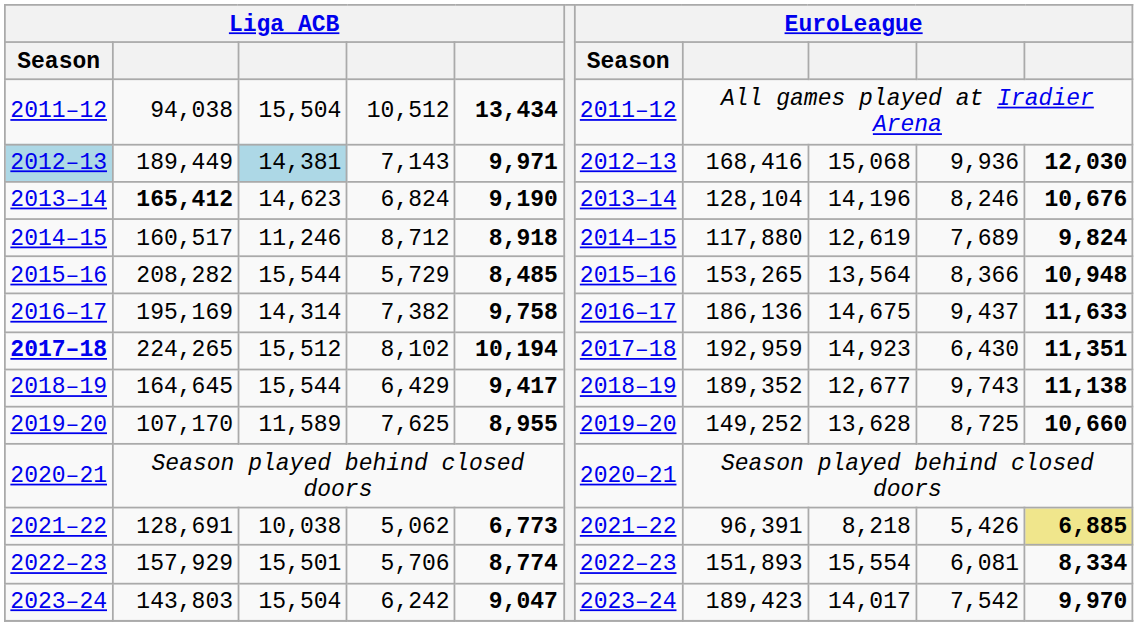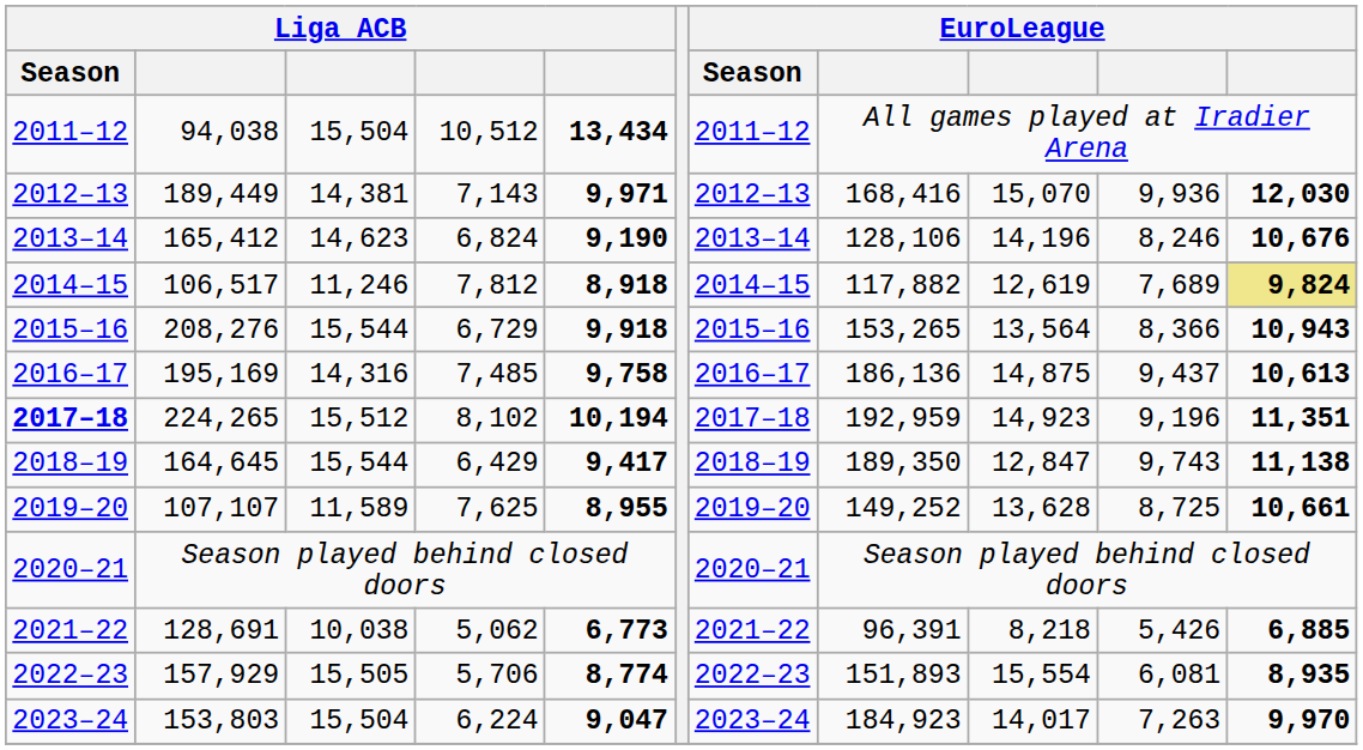 <table class="wikitable" style="text-align:right">
 <tr>
 <th colspan=5><a href='#'>Liga ACB</a></th>
 <th rowspan=15></th>
 <th colspan=5><a href='#'>EuroLeague</a></th>
 </tr>
 <tr>
 <th>Season</th>
 <th width=65></th>
 <th width=55></th>
 <th width=55></th>
 <th width=55></th>
 <th>Season</th>
 <th width=65></th>
 <th width=55></th>
 <th width=55></th>
 <th width=55></th>
 </tr>
 <tr>
 <td align=left><a href='#'>2011–12</a></td>
 <td>94,038</td>
 <td>15,504</td>
 <td>10,512</td>
 <td><strong>13,434</strong></td>
 <td align=left><a href='#'>2011–12</a></td>
 <td colspan=4 align=center><em>All games played at <a href='#'>Iradier Arena</a></em></td>
 </tr>
 <tr>
-<td align=left style="background: lightblue;"><a href='#'>2012–13</a></td>
+<td align=left><a href='#'>2012–13</a></td>
 <td>189,449</td>
-<td style="background: lightblue;">14,381</td>
+<td>14,381</td>
 <td>7,143</td>
 <td><strong>9,971</strong></td>
 <td align=left><a href='#'>2012–13</a></td>
 <td>168,416</td>
-<td>15,068</td>
+<td>15,070</td>
 <td>9,936</td>
 <td><strong>12,030</strong></td>
 </tr>
 <tr>
 <td align=left><a href='#'>2013–14</a></td>
-<td><strong>165,412</strong></td>
+<td>165,412</td>
 <td>14,623</td>
 <td>6,824</td>
 <td><strong>9,190</strong></td>
 <td align=left><a href='#'>2013–14</a></td>
-<td>128,104</td>
+<td>128,106</td>
 <td>14,196</td>
 <td>8,246</td>
 <td><strong>10,676</strong></td>
 </tr>
 <tr>
 <td align=left><a href='#'>2014–15</a></td>
-<td>160,517</td>
+<td>106,517</td>
 <td>11,246</td>
-<td>8,712</td>
+<td>7,812</td>
 <td><strong>8,918</strong></td>
 <td align=left><a href='#'>2014–15</a></td>
-<td>117,880</td>
+<td>117,882</td>
 <td>12,619</td>
 <td>7,689</td>
-<td><strong>9,824</strong></td>
+<td style="background: khaki;"><strong>9,824</strong></td>
 </tr>
 <tr>
 <td align=left><a href='#'>2015–16</a></td>
-<td>208,282</td>
+<td>208,276</td>
 <td>15,544</td>
-<td>5,729</td>
-<td><strong>8,485</strong></td>
+<td>6,729</td>
+<td><strong>9,918</strong></td>
 <td align=left><a href='#'>2015–16</a></td>
 <td>153,265</td>
 <td>13,564</td>
 <td>8,366</td>
-<td><strong>10,948</strong></td>
+<td><strong>10,943</strong></td>
 </tr>
 <tr>
 <td align=left><a href='#'>2016–17</a></td>
 <td>195,169</td>
-<td>14,314</td>
-<td>7,382</td>
+<td>14,316</td>
+<td>7,485</td>
 <td><strong>9,758</strong></td>
 <td align=left><a href='#'>2016–17</a></td>
 <td>186,136</td>
-<td>14,675</td>
+<td>14,875</td>
 <td>9,437</td>
-<td><strong>11,633</strong></td>
+<td><strong>10,613</strong></td>
 </tr>
 <tr>
 <td align=left><strong><a href='#'>2017–18</a></strong></td>
 <td>224,265</td>
 <td>15,512</td>
 <td>8,102</td>
 <td><strong>10,194</strong></td>
 <td align=left><a href='#'>2017–18</a></td>
 <td>192,959</td>
 <td>14,923</td>
-<td>6,430</td>
+<td>9,196</td>
 <td><strong>11,351</strong></td>
 </tr>
 <tr>
 <td align=left><a href='#'>2018–19</a></td>
 <td>164,645</td>
 <td>15,544</td>
 <td>6,429</td>
 <td><strong>9,417</strong></td>
 <td align=left><a href='#'>2018–19</a></td>
-<td>189,352</td>
-<td>12,677</td>
+<td>189,350</td>
+<td>12,847</td>
 <td>9,743</td>
 <td><strong>11,138</strong></td>
 </tr>
 <tr>
 <td align=left><a href='#'>2019–20</a></td>
-<td>107,170</td>
+<td>107,107</td>
 <td>11,589</td>
 <td>7,625</td>
 <td><strong>8,955</strong></td>
 <td align=left><a href='#'>2019–20</a></td>
 <td>149,252</td>
 <td>13,628</td>
 <td>8,725</td>
-<td><strong>10,660</strong></td>
+<td><strong>10,661</strong></td>
 </tr>
 <tr>
 <td align=left><a href='#'>2020–21</a></td>
 <td colspan=4 align=center><em>Season played behind closed doors</em></td>
 <td align=left><a href='#'>2020–21</a></td>
 <td colspan=4 align=center><em>Season played behind closed doors</em></td>
 </tr>
 <tr>
 <td align=left><a href='#'>2021–22</a></td>
 <td>128,691</td>
 <td>10,038</td>
 <td>5,062</td>
 <td><strong>6,773</strong></td>
 <td align=left><a href='#'>2021–22</a></td>
 <td>96,391</td>
 <td>8,218</td>
 <td>5,426</td>
-<td style="background: khaki;"><strong>6,885</strong></td>
+<td><strong>6,885</strong></td>
 </tr>
 <tr>
 <td align=left><a href='#'>2022–23</a></td>
 <td>157,929</td>
-<td>15,501</td>
+<td>15,505</td>
 <td>5,706</td>
 <td><strong>8,774</strong></td>
 <td align=left><a href='#'>2022–23</a></td>
 <td>151,893</td>
 <td>15,554</td>
 <td>6,081</td>
-<td><strong>8,334</strong></td>
+<td><strong>8,935</strong></td>
 </tr>
 <tr>
 <td align=left><a href='#'>2023–24</a></td>
-<td>143,803</td>
+<td>153,803</td>
 <td>15,504</td>
-<td>6,242</td>
+<td>6,224</td>
 <td><strong>9,047</strong></td>
 <td align=left><a href='#'>2023–24</a></td>
-<td>189,423</td>
+<td>184,923</td>
 <td>14,017</td>
-<td>7,542</td>
+<td>7,263</td>
 <td><strong>9,970</strong></td>
 </tr>
 <tr>
 </tr>
 </table>
